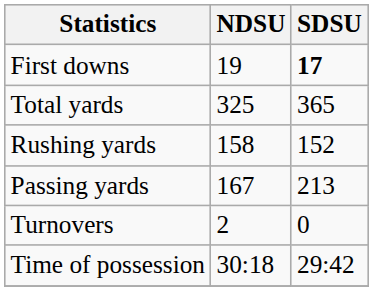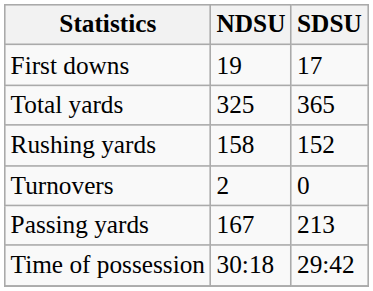 <table class="wikitable">
 <tr>
 <th>Statistics</th>
 <th>NDSU</th>
 <th>SDSU</th>
 </tr>
 <tr>
 <td>First downs</td>
 <td>19</td>
-<td><strong>17</strong></td>
+<td>17</td>
 </tr>
 <tr>
 <td>Total yards</td>
 <td>325</td>
 <td>365</td>
 </tr>
 <tr>
 <td>Rushing yards</td>
 <td>158</td>
 <td>152</td>
 </tr>
 <tr>
+<td>Turnovers</td>
+<td>2</td>
+<td>0</td>
+</tr>
+<tr>
 <td>Passing yards</td>
 <td>167</td>
 <td>213</td>
-</tr>
-<tr>
-<td>Turnovers</td>
-<td>2</td>
-<td>0</td>
 </tr>
 <tr>
 <td>Time of possession</td>
 <td>30:18</td>
 <td>29:42</td>
 </tr>
 <tr>
 </tr>
 </table>
